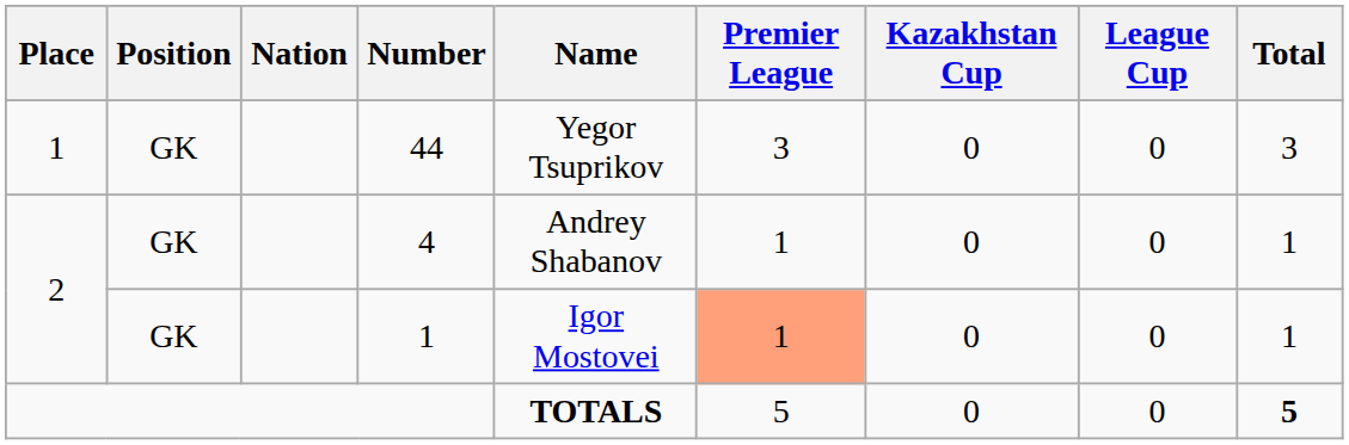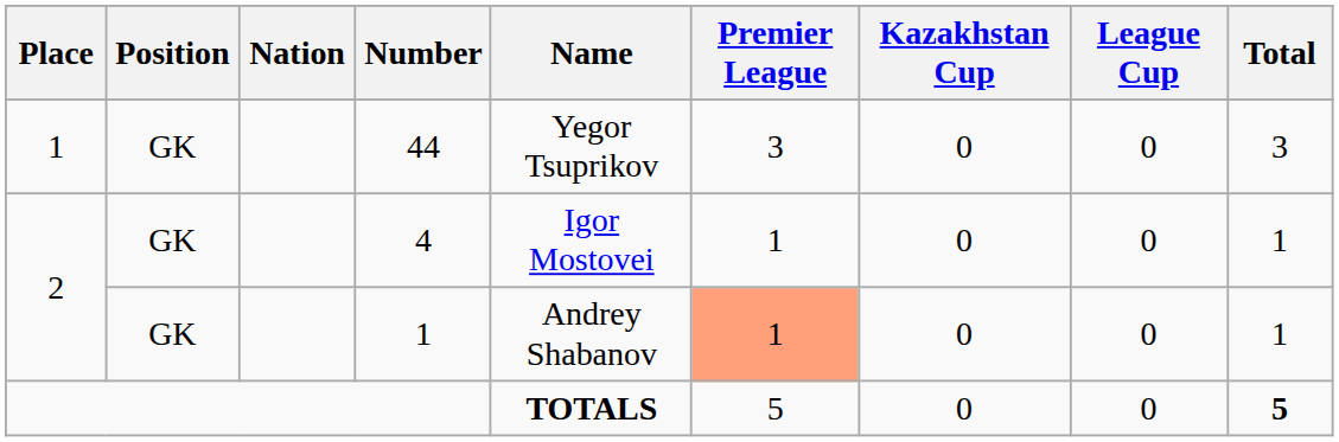 <table class="wikitable" style="font-size: 95%; text-align: center;">
 <tr>
 <th width=60>Place</th>
 <th width=60>Position</th>
 <th width=60>Nation</th>
 <th width=60>Number</th>
 <th width=200>Name</th>
 <th width=150><a href='#'>Premier League</a></th>
 <th width=150><a href='#'>Kazakhstan Cup</a></th>
 <th width=150><a href='#'>League Cup</a></th>
 <th width=80>Total</th>
 </tr>
 <tr>
 <td>1</td>
 <td>GK</td>
 <td></td>
 <td>44</td>
 <td>Yegor Tsuprikov</td>
 <td>3</td>
 <td>0</td>
 <td>0</td>
 <td>3</td>
 </tr>
 <tr>
 <td rowspan="2">2</td>
 <td>GK</td>
 <td></td>
 <td>4</td>
-<td>Andrey Shabanov</td>
+<td><a href='#'>Igor Mostovei</a></td>
 <td>1</td>
 <td>0</td>
 <td>0</td>
 <td>1</td>
 </tr>
 <tr>
 <td>GK</td>
 <td></td>
 <td>1</td>
-<td><a href='#'>Igor Mostovei</a></td>
+<td>Andrey Shabanov</td>
 <td style="background: lightsalmon;">1</td>
 <td>0</td>
 <td>0</td>
 <td>1</td>
 </tr>
 <tr>
 <td colspan="4"></td>
 <td><strong>TOTALS</strong></td>
 <td>5</td>
 <td>0</td>
 <td>0</td>
 <td><strong>5</strong></td>
 </tr>
 </table>
